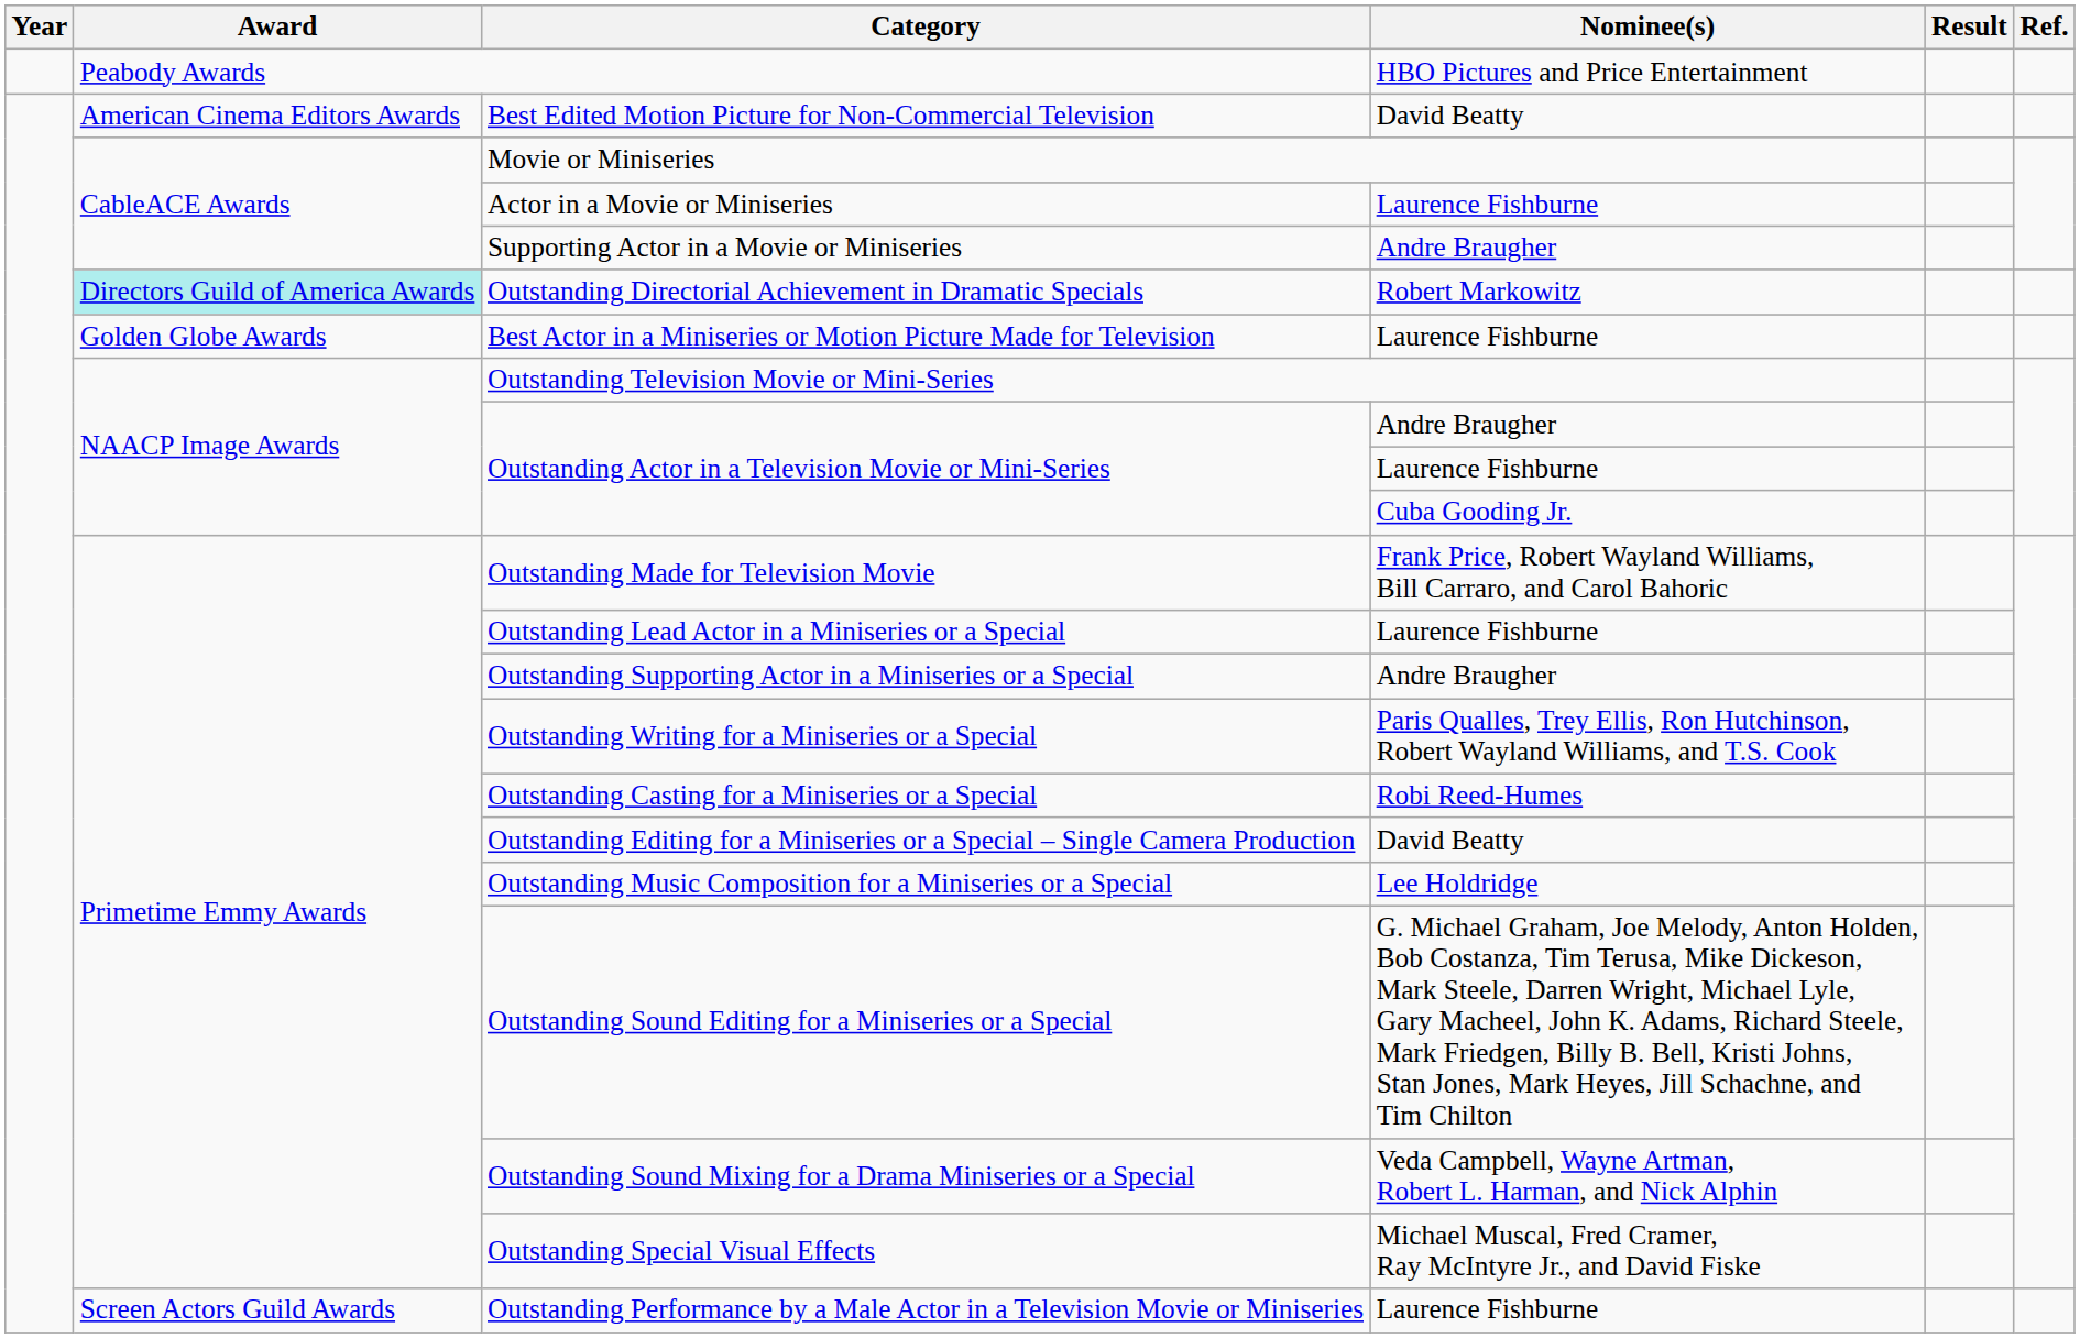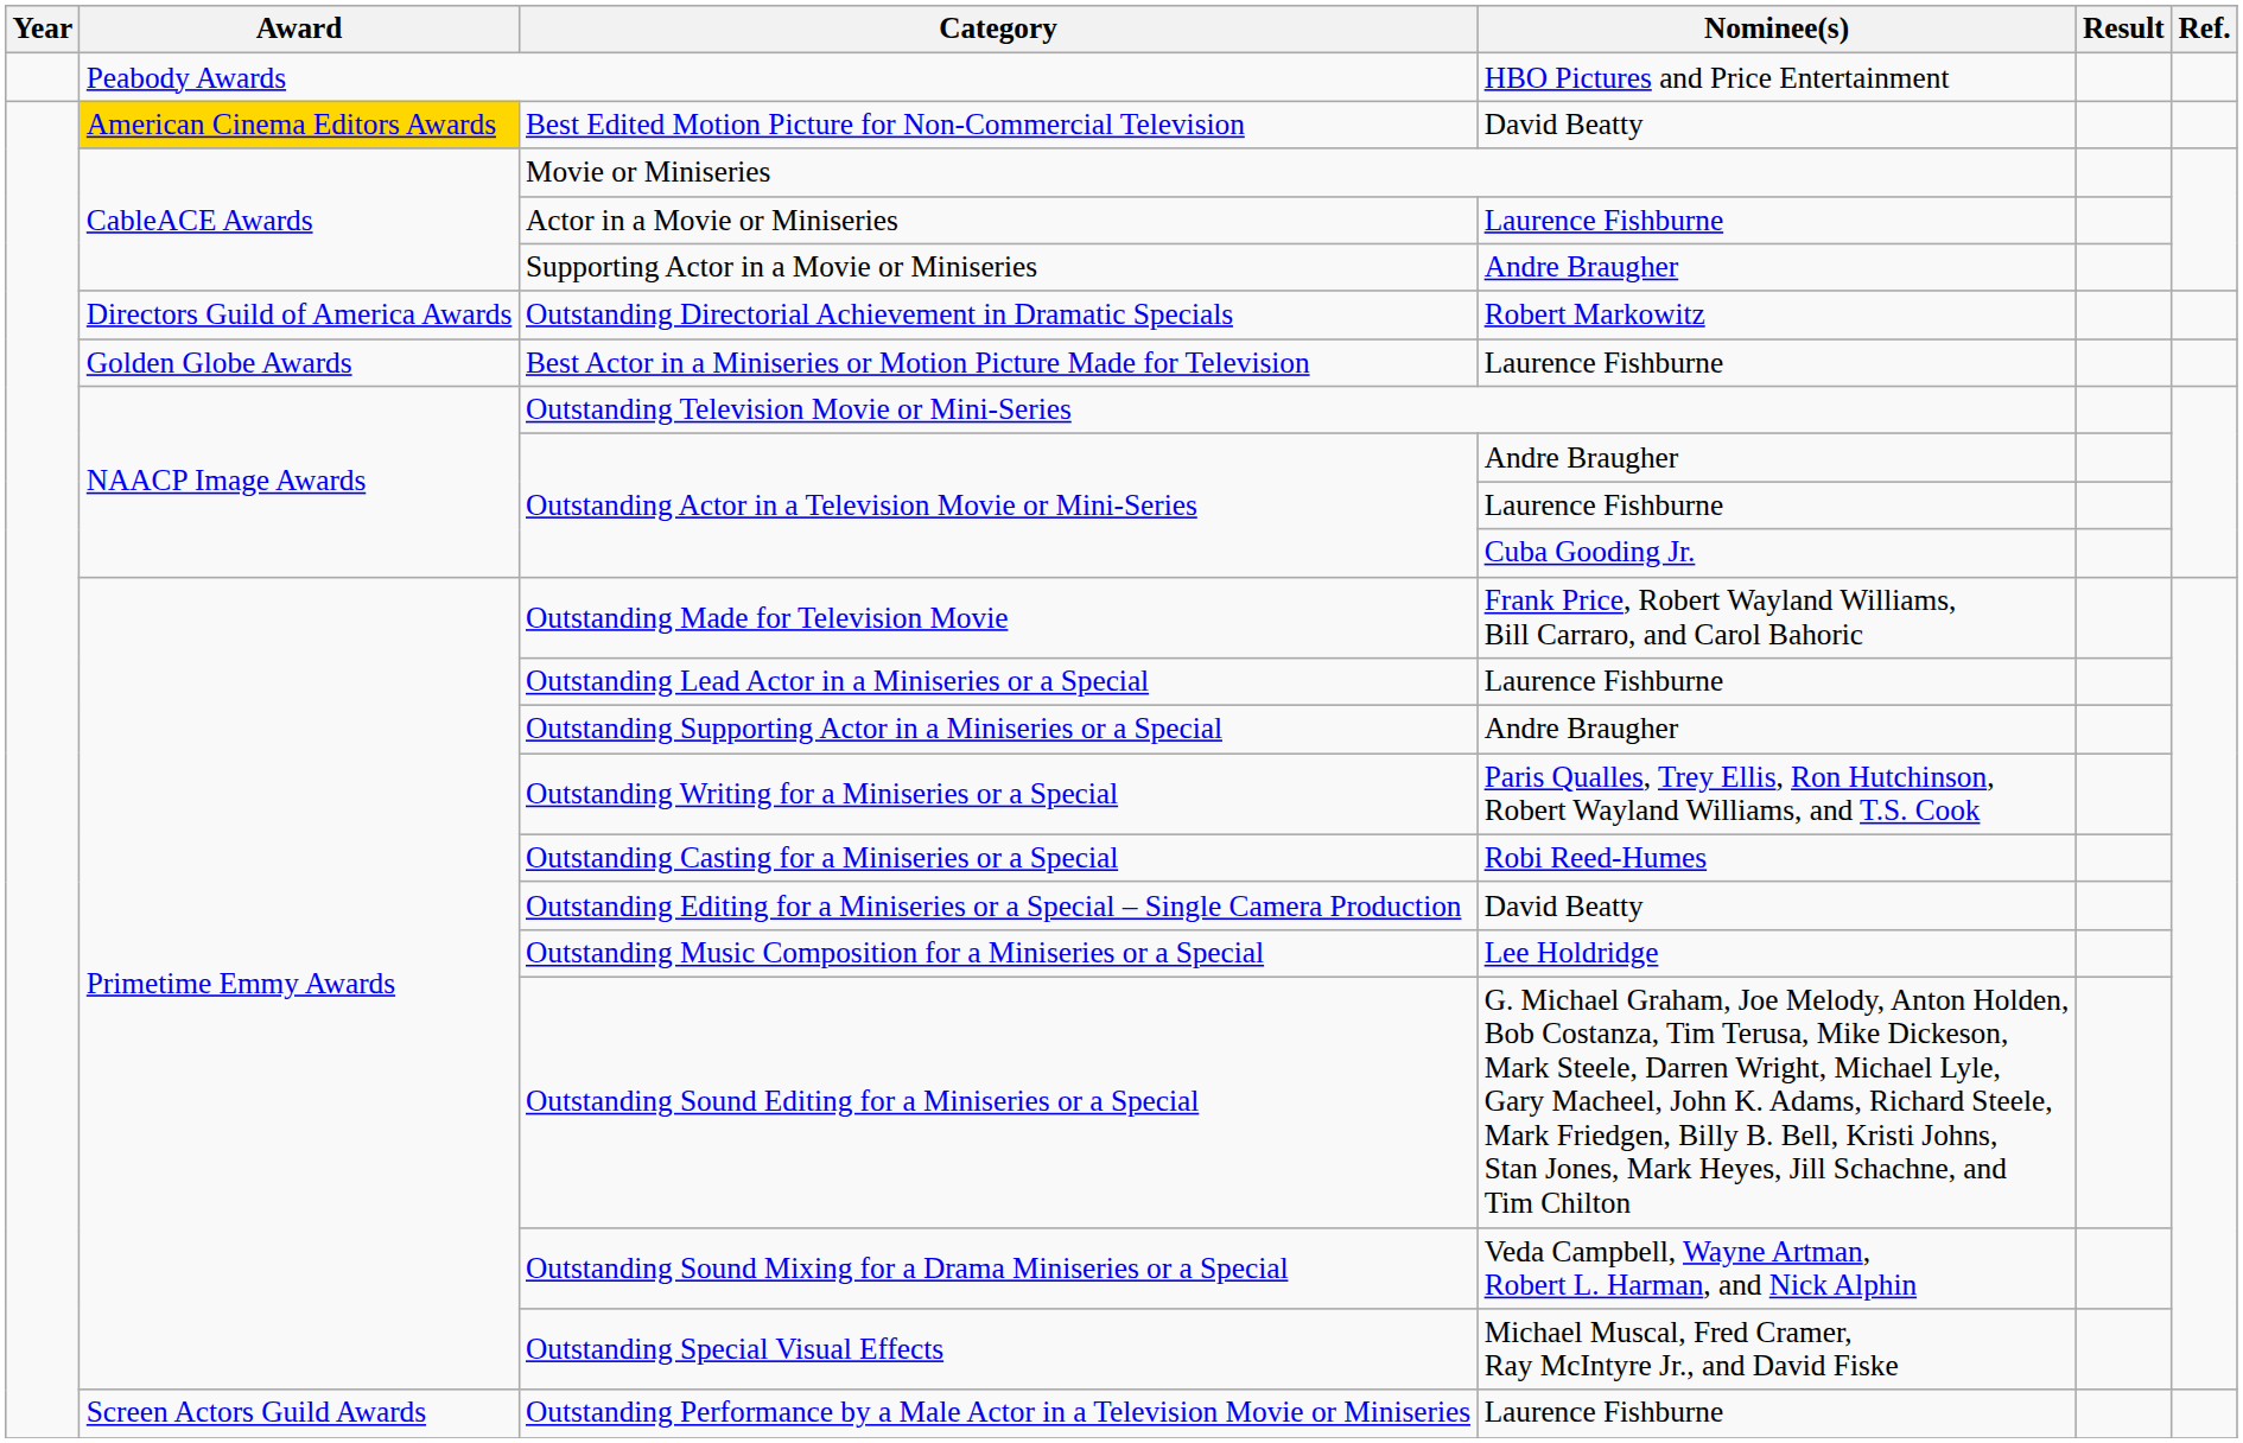 <table class="wikitable sortable">
 <tr>
 <th>Year</th>
 <th>Award</th>
 <th>Category</th>
 <th>Nominee(s)</th>
 <th>Result</th>
 <th>Ref.</th>
 </tr>
 <tr>
 <td></td>
 <td colspan="2"><a href='#'>Peabody Awards</a></td>
 <td><a href='#'>HBO Pictures</a> and Price Entertainment</td>
 <td></td>
 <td align="center"></td>
 </tr>
 <tr>
 <td rowspan="21"></td>
-<td><a href='#'>American Cinema Editors Awards</a></td>
+<td style="background: gold;"><a href='#'>American Cinema Editors Awards</a></td>
 <td><a href='#'>Best Edited Motion Picture for Non-Commercial Television</a></td>
 <td>David Beatty</td>
 <td></td>
 <td align="center"></td>
 </tr>
 <tr>
 <td rowspan="3"><a href='#'>CableACE Awards</a></td>
 <td colspan="2">Movie or Miniseries</td>
 <td></td>
 <td align="center" rowspan="3"></td>
 </tr>
 <tr>
 <td>Actor in a Movie or Miniseries</td>
 <td><a href='#'>Laurence Fishburne</a></td>
 <td></td>
 </tr>
 <tr>
 <td>Supporting Actor in a Movie or Miniseries</td>
 <td><a href='#'>Andre Braugher</a></td>
 <td></td>
 </tr>
 <tr>
-<td style="background: paleturquoise;"><a href='#'>Directors Guild of America Awards</a></td>
+<td><a href='#'>Directors Guild of America Awards</a></td>
 <td><a href='#'>Outstanding Directorial Achievement in Dramatic Specials</a></td>
 <td><a href='#'>Robert Markowitz</a></td>
 <td></td>
 <td align="center"></td>
 </tr>
 <tr>
 <td><a href='#'>Golden Globe Awards</a></td>
 <td><a href='#'>Best Actor in a Miniseries or Motion Picture Made for Television</a></td>
 <td>Laurence Fishburne</td>
 <td></td>
 <td align="center"></td>
 </tr>
 <tr>
 <td rowspan="4"><a href='#'>NAACP Image Awards</a></td>
 <td colspan="2"><a href='#'>Outstanding Television Movie or Mini-Series</a></td>
 <td></td>
 <td align="center" rowspan="4"></td>
 </tr>
 <tr>
 <td rowspan="3"><a href='#'>Outstanding Actor in a Television Movie or Mini-Series</a></td>
 <td>Andre Braugher</td>
 <td></td>
 </tr>
 <tr>
 <td>Laurence Fishburne</td>
 <td></td>
 </tr>
 <tr>
 <td><a href='#'>Cuba Gooding Jr.</a></td>
 <td></td>
 </tr>
 <tr>
 <td rowspan="10"><a href='#'>Primetime Emmy Awards</a></td>
 <td><a href='#'>Outstanding Made for Television Movie</a></td>
 <td><a href='#'>Frank Price</a>, Robert Wayland Williams, <br> Bill Carraro, and Carol Bahoric</td>
 <td></td>
 <td align="center" rowspan="10"></td>
 </tr>
 <tr>
 <td><a href='#'>Outstanding Lead Actor in a Miniseries or a Special</a></td>
 <td>Laurence Fishburne</td>
 <td></td>
 </tr>
 <tr>
 <td><a href='#'>Outstanding Supporting Actor in a Miniseries or a Special</a></td>
 <td>Andre Braugher</td>
 <td></td>
 </tr>
 <tr>
 <td><a href='#'>Outstanding Writing for a Miniseries or a Special</a></td>
 <td><a href='#'>Paris Qualles</a>, <a href='#'>Trey Ellis</a>, <a href='#'>Ron Hutchinson</a>, <br> Robert Wayland Williams, and <a href='#'>T.S. Cook</a></td>
 <td></td>
 </tr>
 <tr>
 <td><a href='#'>Outstanding Casting for a Miniseries or a Special</a></td>
 <td><a href='#'>Robi Reed-Humes</a></td>
 <td></td>
 </tr>
 <tr>
 <td><a href='#'>Outstanding Editing for a Miniseries or a Special – Single Camera Production</a></td>
 <td>David Beatty</td>
 <td></td>
 </tr>
 <tr>
 <td><a href='#'>Outstanding Music Composition for a Miniseries or a Special</a></td>
 <td><a href='#'>Lee Holdridge</a></td>
 <td></td>
 </tr>
 <tr>
 <td><a href='#'>Outstanding Sound Editing for a Miniseries or a Special</a></td>
 <td>G. Michael Graham, Joe Melody, Anton Holden, <br> Bob Costanza, Tim Terusa, Mike Dickeson, <br> Mark Steele, Darren Wright, Michael Lyle, <br> Gary Macheel, John K. Adams, Richard Steele, <br> Mark Friedgen, Billy B. Bell, Kristi Johns, <br> Stan Jones, Mark Heyes, Jill Schachne, and <br> Tim Chilton</td>
 <td></td>
 </tr>
 <tr>
 <td><a href='#'>Outstanding Sound Mixing for a Drama Miniseries or a Special</a></td>
 <td>Veda Campbell, <a href='#'>Wayne Artman</a>, <br> <a href='#'>Robert L. Harman</a>, and <a href='#'>Nick Alphin</a></td>
 <td></td>
 </tr>
 <tr>
 <td><a href='#'>Outstanding Special Visual Effects</a></td>
 <td>Michael Muscal, Fred Cramer, <br> Ray McIntyre Jr., and David Fiske</td>
 <td></td>
 </tr>
 <tr>
 <td><a href='#'>Screen Actors Guild Awards</a></td>
 <td><a href='#'>Outstanding Performance by a Male Actor in a Television Movie or Miniseries</a></td>
 <td>Laurence Fishburne</td>
 <td></td>
 <td align="center"></td>
 </tr>
 </table>
